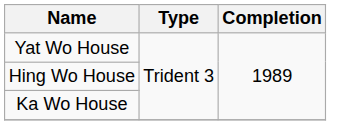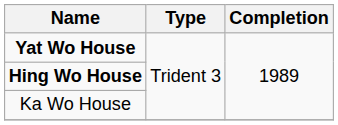 <table class="wikitable" style="text-align: center">
 <tr>
 <th>Name</th>
 <th>Type</th>
 <th>Completion</th>
 </tr>
 <tr>
-<td>Yat Wo House</td>
+<td><strong>Yat Wo House</strong></td>
 <td rowspan="3">Trident 3</td>
 <td rowspan="3">1989</td>
 </tr>
 <tr>
-<td>Hing Wo House</td>
+<td><strong>Hing Wo House</strong></td>
 </tr>
 <tr>
 <td>Ka Wo House</td>
 </tr>
 <tr>
 </tr>
 </table>
